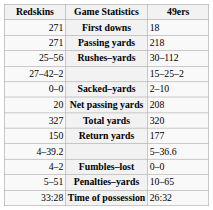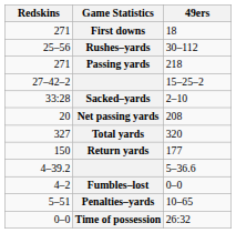 <table class="wikitable" style="margin: 1em auto 1em auto">
 <tr>
 <th style="width:30%;">Redskins</th>
 <th style="width:40%;">Game Statistics</th>
 <th style="width:30%;">49ers</th>
 </tr>
 <tr>
 <td style="text-align:right;">271</td>
 <th>First downs</th>
 <td>18</td>
 </tr>
 <tr>
+<td style="text-align:right;">25–56</td>
+<th>Rushes–yards</th>
+<td>30–112</td>
+</tr>
+<tr>
 <td style="text-align:right;">271</td>
 <th>Passing yards</th>
 <td>218</td>
-</tr>
-<tr>
-<td style="text-align:right;">25–56</td>
-<th>Rushes–yards</th>
-<td>30–112</td>
 </tr>
 <tr>
 <td style="text-align:right;">27–42–2</td>
 <th></th>
 <td>15–25–2</td>
 </tr>
 <tr>
-<td style="text-align:right;">0–0</td>
+<td style="text-align:right;">33:28</td>
 <th>Sacked–yards</th>
 <td>2–10</td>
 </tr>
 <tr>
 <td style="text-align:right;">20</td>
 <th>Net passing yards</th>
 <td>208</td>
 </tr>
 <tr>
 <td style="text-align:right;">327</td>
 <th>Total yards</th>
 <td>320</td>
 </tr>
 <tr>
 <td style="text-align:right;">150</td>
 <th>Return yards</th>
 <td>177</td>
 </tr>
 <tr>
 <td style="text-align:right;">4–39.2</td>
 <th></th>
 <td>5–36.6</td>
 </tr>
 <tr>
 <td style="text-align:right;">4–2</td>
 <th>Fumbles–lost</th>
 <td>0–0</td>
 </tr>
 <tr>
 <td style="text-align:right;">5–51</td>
 <th>Penalties–yards</th>
 <td>10–65</td>
 </tr>
 <tr>
-<td style="text-align:right;">33:28</td>
+<td style="text-align:right;">0–0</td>
 <th>Time of possession</th>
 <td>26:32</td>
 </tr>
 </table>
